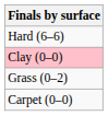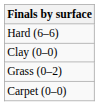 <table class="wikitable" style="font-size:90%;">
 <tr bgcolor="#eeeeee">
 <th>Finals by surface</th>
 </tr>
 <tr>
 <td>Hard (6–6)</td>
 </tr>
 <tr>
-<td style="background: pink;">Clay (0–0)</td>
+<td>Clay (0–0)</td>
 </tr>
 <tr>
 <td>Grass (0–2)</td>
 </tr>
 <tr>
 <td>Carpet (0–0)</td>
 </tr>
 </table>
